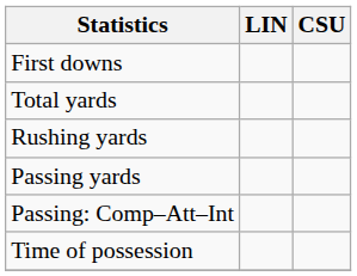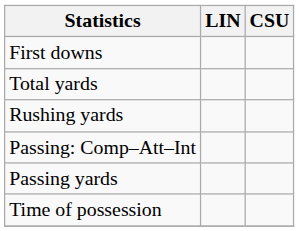 <table class="wikitable" style="float: left;">
 <tr>
 <th>Statistics</th>
 <th>LIN</th>
 <th>CSU</th>
 </tr>
 <tr>
 <td>First downs</td>
 <td></td>
 <td></td>
 </tr>
 <tr>
 <td>Total yards</td>
 <td></td>
 <td></td>
 </tr>
 <tr>
 <td>Rushing yards</td>
 <td></td>
 <td></td>
 </tr>
 <tr>
-<td>Passing yards</td>
+<td>Passing: Comp–Att–Int</td>
 <td></td>
 <td></td>
 </tr>
 <tr>
-<td>Passing: Comp–Att–Int</td>
+<td>Passing yards</td>
 <td></td>
 <td></td>
 </tr>
 <tr>
 <td>Time of possession</td>
 <td></td>
 <td></td>
 </tr>
 <tr>
 </tr>
 </table>
